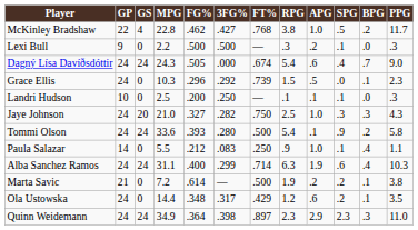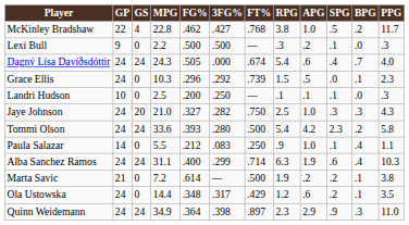 <table class="wikitable sortable">
 <tr>
 <th style="background:#492f24; color:white">Player</th>
 <th style="background:#492f24; color:white">GP</th>
 <th style="background:#492f24; color:white">GS</th>
 <th style="background:#492f24; color:white">MPG</th>
 <th style="background:#492f24; color:white">FG%</th>
 <th style="background:#492f24; color:white">3FG%</th>
 <th style="background:#492f24; color:white">FT%</th>
 <th style="background:#492f24; color:white;">RPG</th>
 <th style="background:#492f24; color:white;">APG</th>
 <th style="background:#492f24; color:white;">SPG</th>
 <th style="background:#492f24; color:white;">BPG</th>
 <th style="background:#492f24; color:white;">PPG</th>
 </tr>
 <tr>
 <td>McKinley Bradshaw</td>
 <td>22</td>
 <td>4</td>
 <td>22.8</td>
 <td>.462</td>
 <td>.427</td>
 <td>.768</td>
 <td>3.8</td>
 <td>1.0</td>
 <td>.5</td>
 <td>.2</td>
 <td>11.7</td>
 </tr>
 <tr>
 <td>Lexi Bull</td>
 <td>9</td>
 <td>0</td>
 <td>2.2</td>
 <td>.500</td>
 <td>.500</td>
 <td>—</td>
 <td>.3</td>
 <td>.2</td>
 <td>.1</td>
 <td>.0</td>
 <td>.3</td>
 </tr>
 <tr>
 <td><a href='#'>Dagný Lísa Davíðsdóttir</a></td>
 <td>24</td>
 <td>24</td>
 <td>24.3</td>
 <td>.505</td>
 <td>.000</td>
 <td>.674</td>
 <td>5.4</td>
 <td>.6</td>
 <td>.4</td>
 <td>.7</td>
-<td>9.0</td>
+<td>4.0</td>
 </tr>
 <tr>
 <td>Grace Ellis</td>
 <td>24</td>
 <td>0</td>
 <td>10.3</td>
 <td>.296</td>
 <td>.292</td>
 <td>.739</td>
 <td>1.5</td>
 <td>.5</td>
 <td>.0</td>
 <td>.1</td>
 <td>2.3</td>
 </tr>
 <tr>
 <td>Landri Hudson</td>
 <td>10</td>
 <td>0</td>
 <td>2.5</td>
 <td>.200</td>
 <td>.250</td>
 <td>—</td>
 <td>.1</td>
 <td>.1</td>
 <td>.1</td>
 <td>.0</td>
 <td>.3</td>
 </tr>
 <tr>
 <td>Jaye Johnson</td>
 <td>24</td>
 <td>20</td>
 <td>21.0</td>
 <td>.327</td>
 <td>.282</td>
 <td>.750</td>
 <td>2.5</td>
 <td>1.0</td>
 <td>.3</td>
 <td>.3</td>
 <td>4.3</td>
 </tr>
 <tr>
 <td>Tommi Olson</td>
 <td>24</td>
 <td>24</td>
 <td>33.6</td>
 <td>.393</td>
 <td>.280</td>
 <td>.500</td>
 <td>5.4</td>
-<td>.1</td>
-<td>.9</td>
+<td>4.2</td>
+<td>2.3</td>
 <td>.2</td>
 <td>5.8</td>
 </tr>
 <tr>
 <td>Paula Salazar</td>
 <td>14</td>
 <td>0</td>
 <td>5.5</td>
 <td>.212</td>
 <td>.083</td>
 <td>.250</td>
 <td>.9</td>
 <td>1.0</td>
 <td>.1</td>
 <td>.4</td>
 <td>1.1</td>
 </tr>
 <tr>
 <td>Alba Sanchez Ramos</td>
 <td>24</td>
 <td>24</td>
 <td>31.1</td>
 <td>.400</td>
 <td>.299</td>
 <td>.714</td>
 <td>6.3</td>
 <td>1.9</td>
 <td>.6</td>
 <td>.4</td>
 <td>10.3</td>
 </tr>
 <tr>
 <td>Marta Savic</td>
 <td>21</td>
 <td>0</td>
 <td>7.2</td>
 <td>.614</td>
 <td>—</td>
 <td>.500</td>
 <td>1.9</td>
 <td>.2</td>
 <td>.2</td>
 <td>.1</td>
 <td>3.8</td>
 </tr>
 <tr>
 <td>Ola Ustowska</td>
 <td>24</td>
 <td>0</td>
 <td>14.4</td>
 <td>.348</td>
 <td>.317</td>
 <td>.429</td>
 <td>1.2</td>
 <td>.6</td>
 <td>.2</td>
 <td>.1</td>
 <td>3.5</td>
 </tr>
 <tr>
 <td>Quinn Weidemann</td>
 <td>24</td>
 <td>24</td>
 <td>34.9</td>
 <td>.364</td>
 <td>.398</td>
 <td>.897</td>
 <td>2.3</td>
 <td>2.9</td>
-<td>2.3</td>
+<td>.9</td>
 <td>.3</td>
 <td>11.0</td>
 </tr>
 </table>
